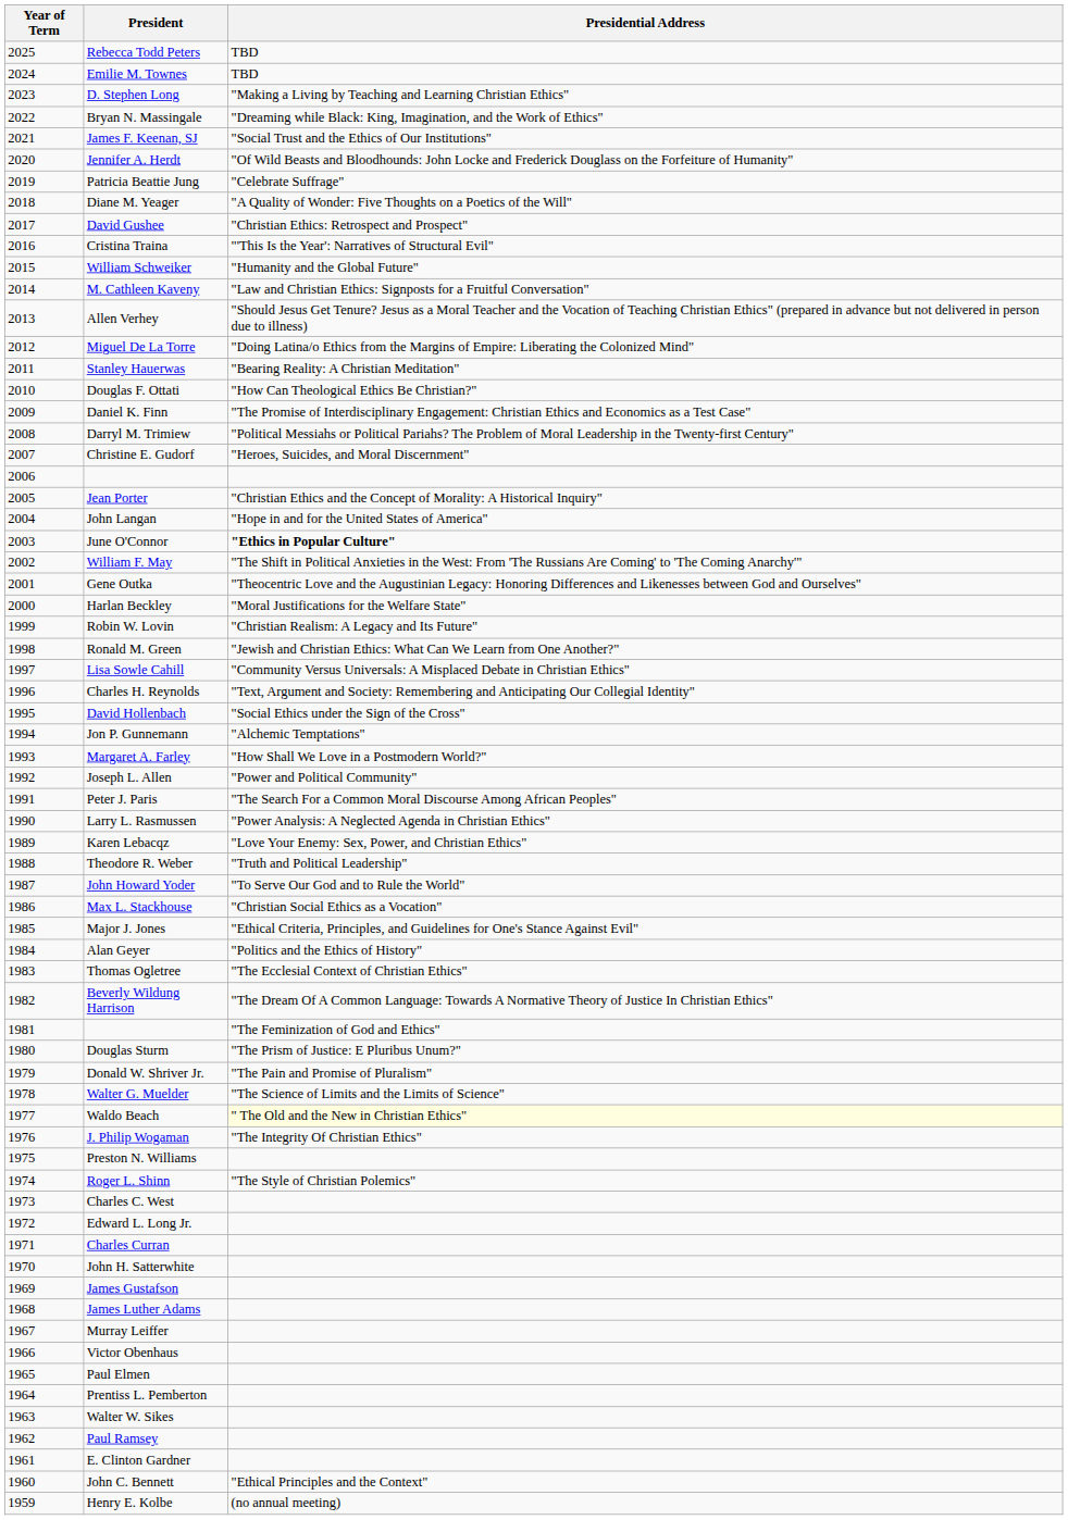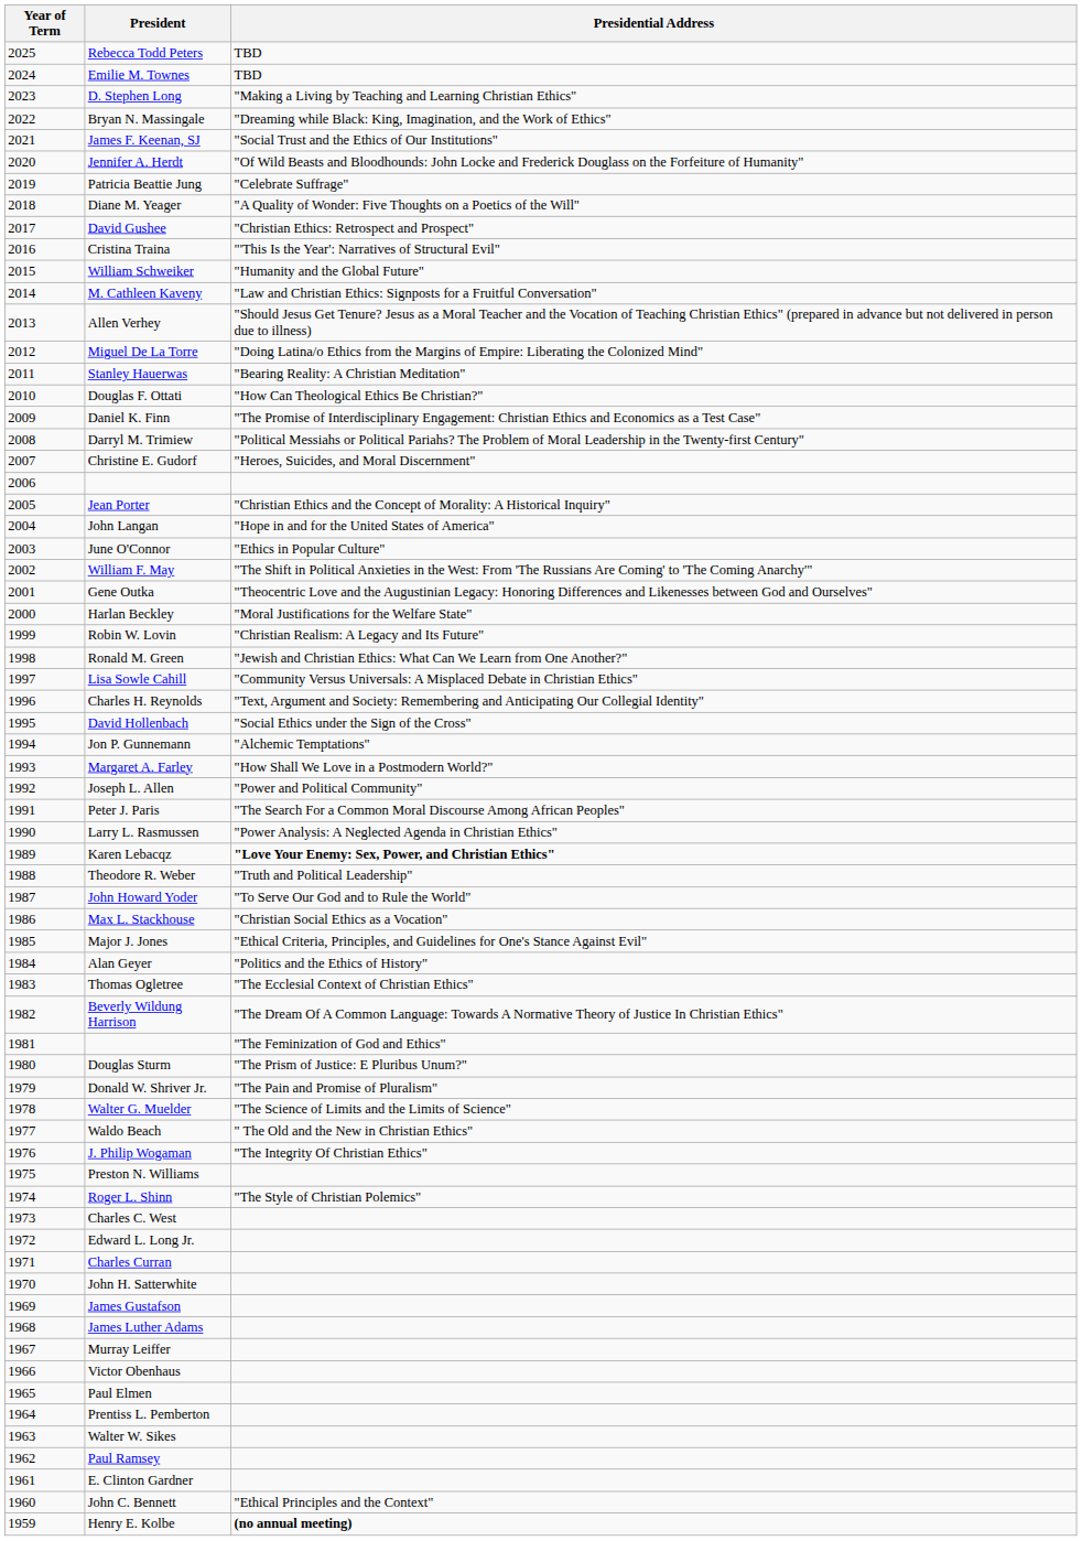 <table class="wikitable">
 <tr>
 <th>Year of Term</th>
 <th>President</th>
 <th>Presidential Address</th>
 </tr>
 <tr>
 <td>2025</td>
 <td><a href='#'>Rebecca Todd Peters</a></td>
 <td>TBD</td>
 </tr>
 <tr>
 <td>2024</td>
 <td><a href='#'>Emilie M. Townes</a></td>
 <td>TBD</td>
 </tr>
 <tr>
 <td>2023</td>
 <td><a href='#'>D. Stephen Long</a></td>
 <td>"Making a Living by Teaching and Learning Christian Ethics"</td>
 </tr>
 <tr>
 <td>2022</td>
 <td>Bryan N. Massingale</td>
 <td>"Dreaming while Black: King, Imagination, and the Work of Ethics"</td>
 </tr>
 <tr>
 <td>2021</td>
 <td><a href='#'>James F. Keenan, SJ</a></td>
 <td>"Social Trust and the Ethics of Our Institutions"</td>
 </tr>
 <tr>
 <td>2020</td>
 <td><a href='#'>Jennifer A. Herdt</a></td>
 <td>"Of Wild Beasts and Bloodhounds: John Locke and Frederick Douglass on the Forfeiture of Humanity"</td>
 </tr>
 <tr>
 <td>2019</td>
 <td>Patricia Beattie Jung</td>
 <td>"Celebrate Suffrage"</td>
 </tr>
 <tr>
 <td>2018</td>
 <td>Diane M. Yeager</td>
 <td>"A Quality of Wonder: Five Thoughts on a Poetics of the Will"</td>
 </tr>
 <tr>
 <td>2017</td>
 <td><a href='#'>David Gushee</a></td>
 <td>"Christian Ethics: Retrospect and Prospect"</td>
 </tr>
 <tr>
 <td>2016</td>
 <td>Cristina Traina</td>
 <td>"'This Is the Year': Narratives of Structural Evil"</td>
 </tr>
 <tr>
 <td>2015</td>
 <td><a href='#'>William Schweiker</a></td>
 <td>"Humanity and the Global Future"</td>
 </tr>
 <tr>
 <td>2014</td>
 <td><a href='#'>M. Cathleen Kaveny</a></td>
 <td>"Law and Christian Ethics: Signposts for a Fruitful Conversation"</td>
 </tr>
 <tr>
 <td>2013</td>
 <td>Allen Verhey</td>
 <td>"Should Jesus Get Tenure? Jesus as a Moral Teacher and the Vocation of Teaching Christian Ethics" (prepared in advance but not delivered in person due to illness)</td>
 </tr>
 <tr>
 <td>2012</td>
 <td><a href='#'>Miguel De La Torre</a></td>
 <td>"Doing Latina/o Ethics from the Margins of Empire: Liberating the Colonized Mind"</td>
 </tr>
 <tr>
 <td>2011</td>
 <td><a href='#'>Stanley Hauerwas</a></td>
 <td>"Bearing Reality: A Christian Meditation"</td>
 </tr>
 <tr>
 <td>2010</td>
 <td>Douglas F. Ottati</td>
 <td>"How Can Theological Ethics Be Christian?"</td>
 </tr>
 <tr>
 <td>2009</td>
 <td>Daniel K. Finn</td>
 <td>"The Promise of Interdisciplinary Engagement: Christian Ethics and Economics as a Test Case"</td>
 </tr>
 <tr>
 <td>2008</td>
 <td>Darryl M. Trimiew</td>
 <td>"Political Messiahs or Political Pariahs? The Problem of Moral Leadership in the Twenty-first Century"</td>
 </tr>
 <tr>
 <td>2007</td>
 <td>Christine E. Gudorf</td>
 <td>"Heroes, Suicides, and Moral Discernment"</td>
 </tr>
 <tr>
 <td>2006</td>
 <td></td>
 <td></td>
 </tr>
 <tr>
 <td>2005</td>
 <td><a href='#'>Jean Porter</a></td>
 <td>"Christian Ethics and the Concept of Morality: A Historical Inquiry"</td>
 </tr>
 <tr>
 <td>2004</td>
 <td>John Langan</td>
 <td>"Hope in and for the United States of America"</td>
 </tr>
 <tr>
 <td>2003</td>
 <td>June O'Connor</td>
-<td><strong>"Ethics in Popular Culture"</strong></td>
+<td>"Ethics in Popular Culture"</td>
 </tr>
 <tr>
 <td>2002</td>
 <td><a href='#'>William F. May</a></td>
 <td>"The Shift in Political Anxieties in the West: From 'The Russians Are Coming' to 'The Coming Anarchy'"</td>
 </tr>
 <tr>
 <td>2001</td>
 <td>Gene Outka</td>
 <td>"Theocentric Love and the Augustinian Legacy: Honoring Differences and Likenesses between God and Ourselves"</td>
 </tr>
 <tr>
 <td>2000</td>
 <td>Harlan Beckley</td>
 <td>"Moral Justifications for the Welfare State"</td>
 </tr>
 <tr>
 <td>1999</td>
 <td>Robin W. Lovin</td>
 <td>"Christian Realism: A Legacy and Its Future"</td>
 </tr>
 <tr>
 <td>1998</td>
 <td>Ronald M. Green</td>
 <td>"Jewish and Christian Ethics: What Can We Learn from One Another?"</td>
 </tr>
 <tr>
 <td>1997</td>
 <td><a href='#'>Lisa Sowle Cahill</a></td>
 <td>"Community Versus Universals: A Misplaced Debate in Christian Ethics"</td>
 </tr>
 <tr>
 <td>1996</td>
 <td>Charles H. Reynolds</td>
 <td>"Text, Argument and Society: Remembering and Anticipating Our Collegial Identity"</td>
 </tr>
 <tr>
 <td>1995</td>
 <td><a href='#'>David Hollenbach</a></td>
 <td>"Social Ethics under the Sign of the Cross"</td>
 </tr>
 <tr>
 <td>1994</td>
 <td>Jon P. Gunnemann</td>
 <td>"Alchemic Temptations"</td>
 </tr>
 <tr>
 <td>1993</td>
 <td><a href='#'>Margaret A. Farley</a></td>
 <td>"How Shall We Love in a Postmodern World?"</td>
 </tr>
 <tr>
 <td>1992</td>
 <td>Joseph L. Allen</td>
 <td>"Power and Political Community"</td>
 </tr>
 <tr>
 <td>1991</td>
 <td>Peter J. Paris</td>
 <td>"The Search For a Common Moral Discourse Among African Peoples"</td>
 </tr>
 <tr>
 <td>1990</td>
 <td>Larry L. Rasmussen</td>
 <td>"Power Analysis: A Neglected Agenda in Christian Ethics"</td>
 </tr>
 <tr>
 <td>1989</td>
 <td>Karen Lebacqz</td>
-<td>"Love Your Enemy: Sex, Power, and Christian Ethics"</td>
+<td><strong>"Love Your Enemy: Sex, Power, and Christian Ethics"</strong></td>
 </tr>
 <tr>
 <td>1988</td>
 <td>Theodore R. Weber</td>
 <td>"Truth and Political Leadership"</td>
 </tr>
 <tr>
 <td>1987</td>
 <td><a href='#'>John Howard Yoder</a></td>
 <td>"To Serve Our God and to Rule the World"</td>
 </tr>
 <tr>
 <td>1986</td>
 <td><a href='#'>Max L. Stackhouse</a></td>
 <td>"Christian Social Ethics as a Vocation"</td>
 </tr>
 <tr>
 <td>1985</td>
 <td>Major J. Jones</td>
 <td>"Ethical Criteria, Principles, and Guidelines for One's Stance Against Evil"</td>
 </tr>
 <tr>
 <td>1984</td>
 <td>Alan Geyer</td>
 <td>"Politics and the Ethics of History"</td>
 </tr>
 <tr>
 <td>1983</td>
 <td>Thomas Ogletree</td>
 <td>"The Ecclesial Context of Christian Ethics"</td>
 </tr>
 <tr>
 <td>1982</td>
 <td><a href='#'>Beverly Wildung Harrison</a></td>
 <td>"The Dream Of A Common Language: Towards A Normative Theory of Justice In Christian Ethics"</td>
 </tr>
 <tr>
 <td>1981</td>
 <td></td>
 <td>"The Feminization of God and Ethics"</td>
 </tr>
 <tr>
 <td>1980</td>
 <td>Douglas Sturm</td>
 <td>"The Prism of Justice: E Pluribus Unum?"</td>
 </tr>
 <tr>
 <td>1979</td>
 <td>Donald W. Shriver Jr.</td>
 <td>"The Pain and Promise of Pluralism"</td>
 </tr>
 <tr>
 <td>1978</td>
 <td><a href='#'>Walter G. Muelder</a></td>
 <td>"The Science of Limits and the Limits of Science"</td>
 </tr>
 <tr>
 <td>1977</td>
 <td>Waldo Beach</td>
-<td style="background: lightyellow;">" The Old and the New in Christian Ethics"</td>
+<td>" The Old and the New in Christian Ethics"</td>
 </tr>
 <tr>
 <td>1976</td>
 <td><a href='#'>J. Philip Wogaman</a></td>
 <td>"The Integrity Of Christian Ethics"</td>
 </tr>
 <tr>
 <td>1975</td>
 <td>Preston N. Williams</td>
 <td></td>
 </tr>
 <tr>
 <td>1974</td>
 <td><a href='#'>Roger L. Shinn</a></td>
 <td>"The Style of Christian Polemics"</td>
 </tr>
 <tr>
 <td>1973</td>
 <td>Charles C. West</td>
 <td></td>
 </tr>
 <tr>
 <td>1972</td>
 <td>Edward L. Long Jr.</td>
 <td></td>
 </tr>
 <tr>
 <td>1971</td>
 <td><a href='#'>Charles Curran</a></td>
 <td></td>
 </tr>
 <tr>
 <td>1970</td>
 <td>John H. Satterwhite</td>
 <td></td>
 </tr>
 <tr>
 <td>1969</td>
 <td><a href='#'>James Gustafson</a></td>
 <td></td>
 </tr>
 <tr>
 <td>1968</td>
 <td><a href='#'>James Luther Adams</a></td>
 <td></td>
 </tr>
 <tr>
 <td>1967</td>
 <td>Murray Leiffer</td>
 <td></td>
 </tr>
 <tr>
 <td>1966</td>
 <td>Victor Obenhaus</td>
 <td></td>
 </tr>
 <tr>
 <td>1965</td>
 <td>Paul Elmen</td>
 <td></td>
 </tr>
 <tr>
 <td>1964</td>
 <td>Prentiss L. Pemberton</td>
 <td></td>
 </tr>
 <tr>
 <td>1963</td>
 <td>Walter W. Sikes</td>
 <td></td>
 </tr>
 <tr>
 <td>1962</td>
 <td><a href='#'>Paul Ramsey</a></td>
 <td></td>
 </tr>
 <tr>
 <td>1961</td>
 <td>E. Clinton Gardner</td>
 <td></td>
 </tr>
 <tr>
 <td>1960</td>
 <td>John C. Bennett</td>
 <td>"Ethical Principles and the Context"</td>
 </tr>
 <tr>
 <td>1959</td>
 <td>Henry E. Kolbe</td>
-<td>(no annual meeting)</td>
+<td><strong>(no annual meeting)</strong></td>
 </tr>
 </table>
